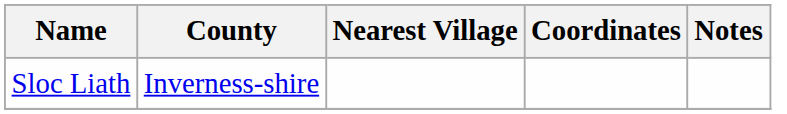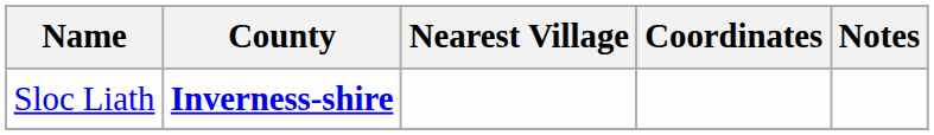 <table class="wikitable sortable" style="table-layout:fixed;background-color:#FEFEFE;font-size:95%;padding:0.30em;line-height:1.35em;">
 <tr>
 <th scope="col">Name</th>
 <th scope="col">County</th>
 <th scope="col">Nearest Village</th>
 <th scope="col" data-sort-type="number">Coordinates</th>
 <th scope="col">Notes</th>
 </tr>
 <tr>
 <td><a href='#'>Sloc Liath</a></td>
-<td><a href='#'>Inverness-shire</a></td>
+<td><strong><a href='#'>Inverness-shire</a></strong></td>
 <td></td>
 <td></td>
 <td></td>
 </tr>
 <tr>
 </tr>
 </table>
